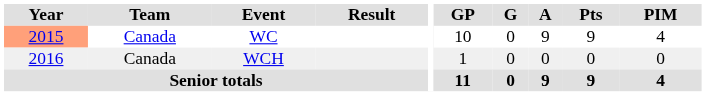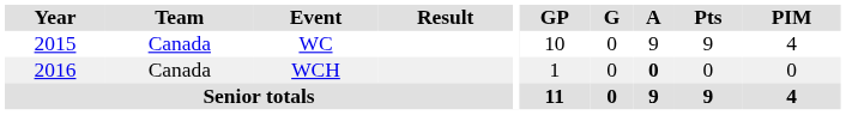 <table border="0" cellpadding="1" cellspacing="0" ID="Table3" style="text-align:center; width:40em">
 <tr ALIGN="center" bgcolor="#e0e0e0">
 <th>Year</th>
 <th>Team</th>
 <th>Event</th>
 <th>Result</th>
 <th rowspan="99" bgcolor="#ffffff"></th>
 <th>GP</th>
 <th>G</th>
 <th>A</th>
 <th>Pts</th>
 <th>PIM</th>
 </tr>
 <tr>
-<td style="background: lightsalmon;"><a href='#'>2015</a></td>
+<td><a href='#'>2015</a></td>
 <td><a href='#'>Canada</a></td>
 <td><a href='#'>WC</a></td>
 <td></td>
 <td>10</td>
 <td>0</td>
 <td>9</td>
 <td>9</td>
 <td>4</td>
 </tr>
 <tr bgcolor="#f0f0f0">
 <td><a href='#'>2016</a></td>
 <td>Canada</td>
 <td><a href='#'>WCH</a></td>
 <td></td>
 <td>1</td>
 <td>0</td>
-<td>0</td>
+<td><strong>0</strong></td>
 <td>0</td>
 <td>0</td>
 </tr>
 <tr bgcolor="#e0e0e0">
 <th colspan="4">Senior totals</th>
 <th>11</th>
 <th>0</th>
 <th>9</th>
 <th>9</th>
 <th>4</th>
 </tr>
 </table>
